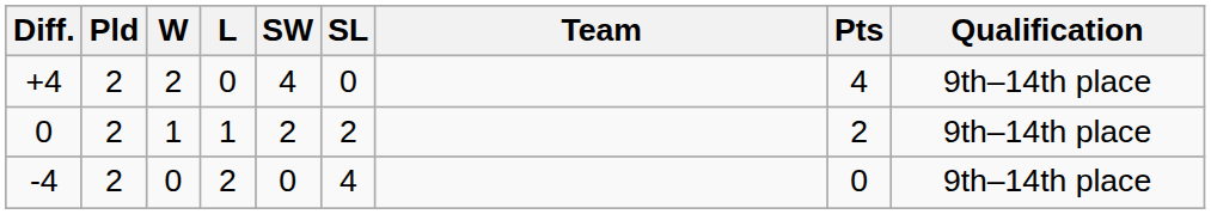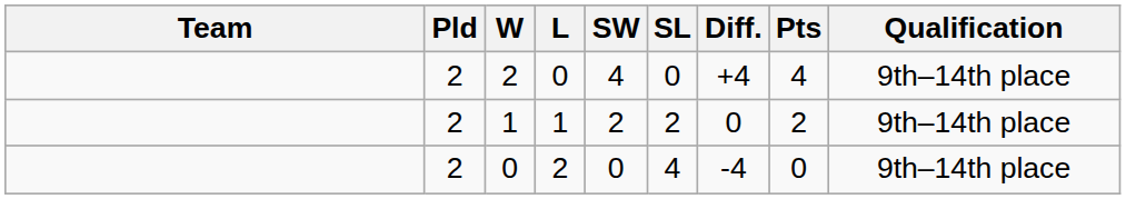 <table class=wikitable style="text-align:center">
 <tr>
-<th width=20>Diff.</th>
+<th width=220>Team</th>
 <th width=20>Pld</th>
 <th width=20>W</th>
 <th width=20>L</th>
 <th width=20>SW</th>
 <th width=20>SL</th>
-<th width=220>Team</th>
+<th width=20>Diff.</th>
 <th width=20>Pts</th>
 <th width=150>Qualification</th>
 </tr>
 <tr bgcolor=>
-<td>+4</td>
+<td align=left></td>
 <td>2</td>
 <td>2</td>
 <td>0</td>
 <td>4</td>
 <td>0</td>
-<td align=left></td>
+<td>+4</td>
 <td>4</td>
 <td>9th–14th place</td>
 </tr>
 <tr bgcolor=>
-<td>0</td>
+<td align=left></td>
 <td>2</td>
 <td>1</td>
 <td>1</td>
 <td>2</td>
 <td>2</td>
-<td align=left></td>
+<td>0</td>
 <td>2</td>
 <td>9th–14th place</td>
 </tr>
 <tr bgcolor=>
-<td>-4</td>
+<td align=left></td>
 <td>2</td>
 <td>0</td>
 <td>2</td>
 <td>0</td>
 <td>4</td>
-<td align=left></td>
+<td>-4</td>
 <td>0</td>
 <td>9th–14th place</td>
 </tr>
 </table>
